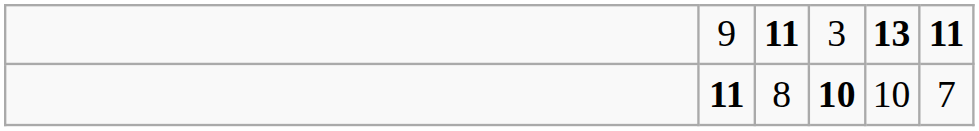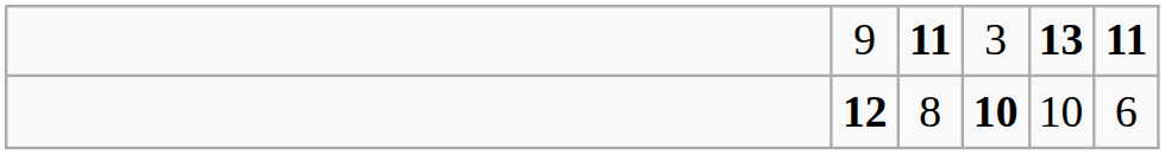 <table class="wikitable">
 <tr>
 <td style="width:18em"><strong></strong></td>
 <td align=center style="width:1em">9</td>
 <td align=center style="width:1em"><strong>11</strong></td>
 <td align=center style="width:1em">3</td>
 <td align=center style="width:1em"><strong>13</strong></td>
 <td align=center style="width:1em"><strong>11</strong></td>
 </tr>
 <tr>
 <td style="width:18em"></td>
-<td align=center style="width:1em"><strong>11</strong></td>
+<td align=center style="width:1em"><strong>12</strong></td>
 <td align=center style="width:1em">8</td>
 <td align=center style="width:1em"><strong>10</strong></td>
 <td align=center style="width:1em">10</td>
-<td align=center style="width:1em">7</td>
+<td align=center style="width:1em">6</td>
 </tr>
 </table>
